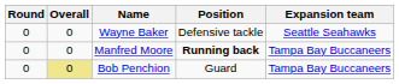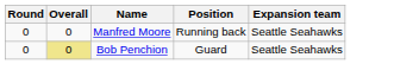 <table class="wikitable" style="text-align:center">
 <tr>
 <th>Round</th>
 <th>Overall</th>
 <th>Name</th>
 <th>Position</th>
 <th>Expansion team</th>
 </tr>
 <tr>
 <td>0</td>
 <td>0</td>
-<td><a href='#'>Wayne Baker</a></td>
-<td>Defensive tackle</td>
-<td><a href='#'>Seattle Seahawks</a></td>
-</tr>
-<tr>
-<td>0</td>
-<td>0</td>
 <td><a href='#'>Manfred Moore</a></td>
-<td><strong>Running back</strong></td>
-<td><a href='#'>Tampa Bay Buccaneers</a></td>
+<td>Running back</td>
+<td>Seattle Seahawks</td>
 </tr>
 <tr>
 <td>0</td>
 <td style="background: khaki;">0</td>
 <td><a href='#'>Bob Penchion</a></td>
 <td>Guard</td>
-<td><a href='#'>Tampa Bay Buccaneers</a></td>
+<td>Seattle Seahawks</td>
 </tr>
 </table>
